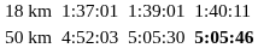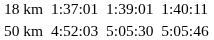 <table>
 <tr>
 <td>18 km<br></td>
 <td></td>
 <td>1:37:01</td>
 <td></td>
 <td>1:39:01</td>
 <td></td>
 <td>1:40:11</td>
 </tr>
 <tr>
 <td>50 km<br></td>
 <td></td>
 <td>4:52:03</td>
 <td></td>
 <td>5:05:30</td>
 <td></td>
-<td><strong>5:05:46</strong></td>
+<td>5:05:46</td>
 </tr>
 </table>
